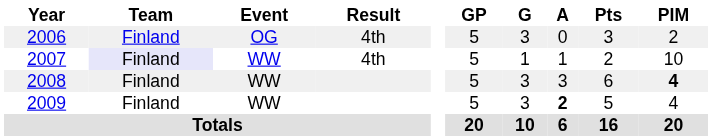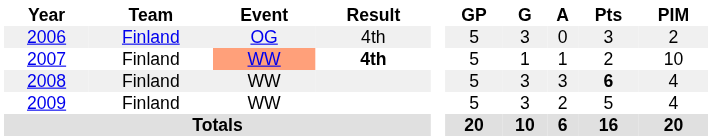 <table border="0" cellpadding="1" cellspacing="0" style="text-align:center; width:40em">
 <tr>
 <th>Year</th>
 <th>Team</th>
 <th>Event</th>
 <th>Result</th>
 <th rowspan="99" bgcolor="#ffffff"> </th>
 <th>GP</th>
 <th>G</th>
 <th>A</th>
 <th>Pts</th>
 <th>PIM</th>
 </tr>
 <tr bgcolor="#f0f0f0">
 <td><a href='#'>2006</a></td>
 <td><a href='#'>Finland</a></td>
 <td><a href='#'>OG</a></td>
 <td>4th</td>
 <td>5</td>
 <td>3</td>
 <td>0</td>
 <td>3</td>
 <td>2</td>
 </tr>
 <tr>
 <td><a href='#'>2007</a></td>
-<td style="background: lavender;">Finland</td>
-<td><a href='#'>WW</a></td>
-<td>4th</td>
+<td>Finland</td>
+<td style="background: lightsalmon;"><a href='#'>WW</a></td>
+<td><strong>4th</strong></td>
 <td>5</td>
 <td>1</td>
 <td>1</td>
 <td>2</td>
 <td>10</td>
 </tr>
 <tr bgcolor="#f0f0f0">
 <td><a href='#'>2008</a></td>
 <td>Finland</td>
 <td>WW</td>
 <td></td>
 <td>5</td>
 <td>3</td>
 <td>3</td>
-<td>6</td>
-<td><strong>4</strong></td>
+<td><strong>6</strong></td>
+<td>4</td>
 </tr>
 <tr>
 <td><a href='#'>2009</a></td>
 <td>Finland</td>
 <td>WW</td>
 <td></td>
 <td>5</td>
 <td>3</td>
-<td><strong>2</strong></td>
+<td>2</td>
 <td>5</td>
 <td>4</td>
 </tr>
 <tr align="centre" bgcolor="#e0e0e0">
 <th colspan="4">Totals</th>
 <th>20</th>
 <th>10</th>
 <th>6</th>
 <th>16</th>
 <th>20</th>
 </tr>
 </table>
